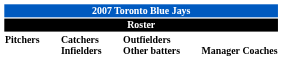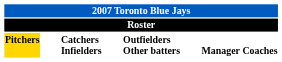 <table class="toccolours" style="font-size: 95%;">
 <tr http://upload.wikimedia.org/wikipedia/en/c/c8/Button_redirect.png>
 <th colspan="10" style="background-color: #005ac0; color: #FFFFFF; text-align: center;">2007 Toronto Blue Jays</th>
 </tr>
 <tr>
 <td colspan="10" style="background-color: black; color: white; text-align: center;"><strong>Roster</strong></td>
 </tr>
 <tr>
-<td valign="top"><strong>Pitchers</strong><br>                      </td>
+<td valign="top" style="background: gold;"><strong>Pitchers</strong><br>                      </td>
 <td width="25px"></td>
 <td valign="top"><strong>Catchers</strong><br>    <strong>Infielders</strong>            </td>
 <td width="25px"></td>
 <td valign="top"><strong>Outfielders</strong><br>      <strong>Other batters</strong> </td>
 <td width="25px"></td>
 <td valign="top"><br><strong>Manager</strong>  <strong>Coaches</strong>      </td>
 </tr>
 </table>
